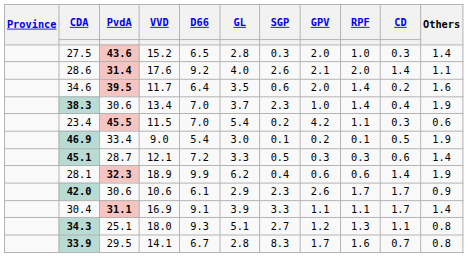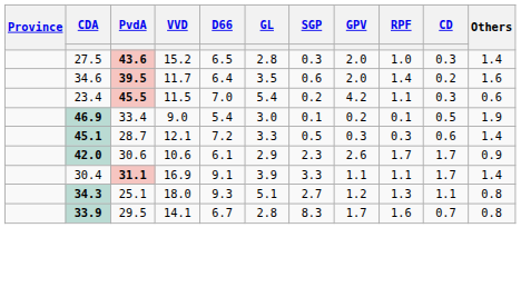 <table class="wikitable sortable" style="text-align:center;font-size:90%;line-height:14px">
 <tr style="height:40px;">
 <th rowspan="2"><a href='#'>Province</a></th>
 <th style="width:40px;"><a href='#'>CDA</a></th>
 <th style="width:40px;"><a href='#'>PvdA</a></th>
 <th style="width:40px;"><a href='#'>VVD</a></th>
 <th style="width:40px;"><a href='#'>D66</a></th>
 <th style="width:40px;"><a href='#'>GL</a></th>
 <th style="width:40px;"><a href='#'>SGP</a></th>
 <th style="width:40px;"><a href='#'>GPV</a></th>
 <th style="width:40px;"><a href='#'>RPF</a></th>
 <th style="width:40px;"><a href='#'>CD</a></th>
 <th style="width:40px;" rowspan="2">Others</th>
 </tr>
 <tr>
 <th style="background:"></th>
 <th style="background:"></th>
 <th style="background:"></th>
 <th style="background:"></th>
 <th style="background:"></th>
 <th style="background:"></th>
 <th style="background:"></th>
 <th style="background:"></th>
 <th style="background:"></th>
 </tr>
 <tr>
 <td align="left"></td>
 <td>27.5</td>
 <td style="background:#F6C5C1;"><strong>43.6</strong></td>
 <td>15.2</td>
 <td>6.5</td>
 <td>2.8</td>
 <td>0.3</td>
 <td>2.0</td>
 <td>1.0</td>
 <td>0.3</td>
 <td>1.4</td>
 </tr>
 <tr>
 <td align="left"></td>
-<td>28.6</td>
-<td style="background:#F6C5C1;"><strong>31.4</strong></td>
-<td>17.6</td>
-<td>9.2</td>
-<td>4.0</td>
-<td>2.6</td>
-<td>2.1</td>
-<td>2.0</td>
-<td>1.4</td>
-<td>1.1</td>
-</tr>
-<tr>
-<td align="left"></td>
 <td>34.6</td>
 <td style="background:#F6C5C1;"><strong>39.5</strong></td>
 <td>11.7</td>
 <td>6.4</td>
 <td>3.5</td>
 <td>0.6</td>
 <td>2.0</td>
 <td>1.4</td>
 <td>0.2</td>
 <td>1.6</td>
-</tr>
-<tr>
-<td align="left"></td>
-<td style="background:#BADBD3;"><strong>38.3</strong></td>
-<td>30.6</td>
-<td>13.4</td>
-<td>7.0</td>
-<td>3.7</td>
-<td>2.3</td>
-<td>1.0</td>
-<td>1.4</td>
-<td>0.4</td>
-<td>1.9</td>
 </tr>
 <tr>
 <td align="left"></td>
 <td>23.4</td>
 <td style="background:#F6C5C1;"><strong>45.5</strong></td>
 <td>11.5</td>
 <td>7.0</td>
 <td>5.4</td>
 <td>0.2</td>
 <td>4.2</td>
 <td>1.1</td>
 <td>0.3</td>
 <td>0.6</td>
 </tr>
 <tr>
 <td align="left"></td>
 <td style="background:#BADBD3;"><strong>46.9</strong></td>
 <td>33.4</td>
 <td>9.0</td>
 <td>5.4</td>
 <td>3.0</td>
 <td>0.1</td>
 <td>0.2</td>
 <td>0.1</td>
 <td>0.5</td>
 <td>1.9</td>
 </tr>
 <tr>
 <td align="left"></td>
 <td style="background:#BADBD3;"><strong>45.1</strong></td>
 <td>28.7</td>
 <td>12.1</td>
 <td>7.2</td>
 <td>3.3</td>
 <td>0.5</td>
 <td>0.3</td>
 <td>0.3</td>
 <td>0.6</td>
 <td>1.4</td>
-</tr>
-<tr>
-<td align="left"></td>
-<td>28.1</td>
-<td style="background:#F6C5C1;"><strong>32.3</strong></td>
-<td>18.9</td>
-<td>9.9</td>
-<td>6.2</td>
-<td>0.4</td>
-<td>0.6</td>
-<td>0.6</td>
-<td>1.4</td>
-<td>1.9</td>
 </tr>
 <tr>
 <td align="left"></td>
 <td style="background:#BADBD3;"><strong>42.0</strong></td>
 <td>30.6</td>
 <td>10.6</td>
 <td>6.1</td>
 <td>2.9</td>
 <td>2.3</td>
 <td>2.6</td>
 <td>1.7</td>
 <td>1.7</td>
 <td>0.9</td>
 </tr>
 <tr>
 <td align="left"></td>
 <td>30.4</td>
 <td style="background:#F6C5C1;"><strong>31.1</strong></td>
 <td>16.9</td>
 <td>9.1</td>
 <td>3.9</td>
 <td>3.3</td>
 <td>1.1</td>
 <td>1.1</td>
 <td>1.7</td>
 <td>1.4</td>
 </tr>
 <tr>
 <td align="left"></td>
 <td style="background:#BADBD3;"><strong>34.3</strong></td>
 <td>25.1</td>
 <td>18.0</td>
 <td>9.3</td>
 <td>5.1</td>
 <td>2.7</td>
 <td>1.2</td>
 <td>1.3</td>
 <td>1.1</td>
 <td>0.8</td>
 </tr>
 <tr>
 <td align="left"></td>
 <td style="background:#BADBD3;"><strong>33.9</strong></td>
 <td>29.5</td>
 <td>14.1</td>
 <td>6.7</td>
 <td>2.8</td>
 <td>8.3</td>
 <td>1.7</td>
 <td>1.6</td>
 <td>0.7</td>
 <td>0.8</td>
 </tr>
 </table>
